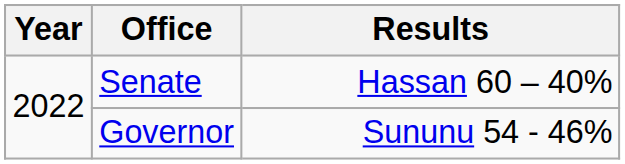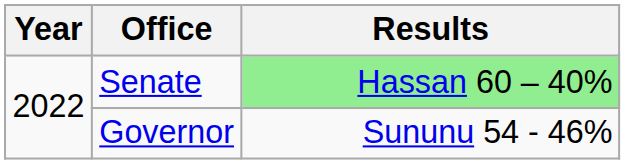 <table class="wikitable">
 <tr>
 <th width="30">Year</th>
 <th width="60">Office</th>
 <th width="180">Results</th>
 </tr>
 <tr>
 <td rowspan="2">2022</td>
 <td><a href='#'>Senate</a></td>
-<td align="right" ><a href='#'>Hassan</a> 60 – 40%</td>
+<td align="right"  style="background: lightgreen;"><a href='#'>Hassan</a> 60 – 40%</td>
 </tr>
 <tr>
 <td><a href='#'>Governor</a></td>
 <td align="right" ><a href='#'>Sununu</a> 54 - 46%</td>
 </tr>
 </table>
